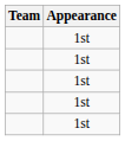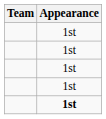 <table class="wikitable sortable">
 <tr>
 <th>Team</th>
 <th data-sort-type="number">Appearance</th>
 </tr>
 <tr>
 <td></td>
 <td style="text-align:center">1st</td>
 </tr>
 <tr>
 <td></td>
 <td style="text-align:center">1st</td>
 </tr>
 <tr>
 <td></td>
 <td style="text-align:center">1st</td>
 </tr>
 <tr>
 <td></td>
 <td style="text-align:center">1st</td>
 </tr>
 <tr>
 <td></td>
-<td style="text-align:center">1st</td>
+<td style="text-align:center"><strong>1st</strong></td>
 </tr>
 </table>
